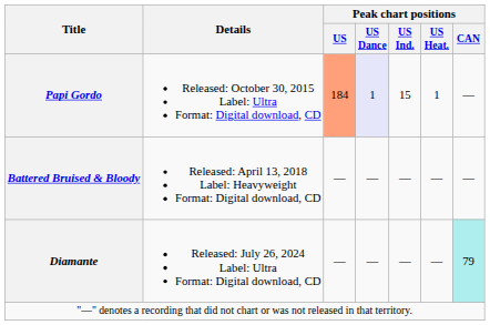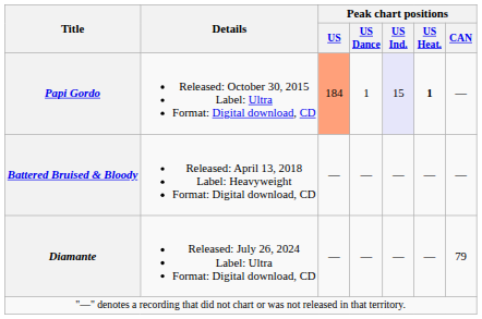 <table class="wikitable plainrowheaders" style="text-align:center;">
 <tr>
 <th scope="col" rowspan="2">Title</th>
 <th scope="col" rowspan="2">Details</th>
 <th scope="col" colspan="5">Peak chart positions</th>
 </tr>
 <tr>
 <th scope="col" style="width:2.5em;font-size:90%;"><a href='#'>US</a><br></th>
 <th scope="col" style="width:2.5em;font-size:90%;"><a href='#'>US<br>Dance</a><br></th>
 <th scope="col" style="width:2.5em;font-size:90%;"><a href='#'>US<br>Ind.</a><br></th>
 <th scope="col" style="width:2.5em;font-size:90%;"><a href='#'>US<br>Heat.</a><br></th>
 <th scope="col" style="width:2.5em;font-size:90%;"><a href='#'>CAN</a><br></th>
 </tr>
 <tr>
 <th scope="row"><em><a href='#'>Papi Gordo</a></em></th>
 <td><br><ul><li>Released: October 30, 2015</li><li>Label: <a href='#'>Ultra</a></li><li>Format: <a href='#'>Digital download</a>, <a href='#'>CD</a></li></ul></td>
 <td style="background: lightsalmon;">184</td>
-<td style="background: lavender;">1</td>
-<td>15</td>
 <td>1</td>
+<td style="background: lavender;">15</td>
+<td><strong>1</strong></td>
 <td>—</td>
 </tr>
 <tr>
 <th scope="row"><em><a href='#'>Battered Bruised & Bloody</a></em></th>
 <td><br><ul><li>Released: April 13, 2018</li><li>Label: Heavyweight</li><li>Format: Digital download, CD</li></ul></td>
 <td>—</td>
 <td>—</td>
 <td>—</td>
 <td>—</td>
 <td>—</td>
 </tr>
 <tr>
 <th scope="row"><em>Diamante</em></th>
 <td><br><ul><li>Released: July 26, 2024</li><li>Label: Ultra</li><li>Format: Digital download, CD</li></ul></td>
 <td>—</td>
 <td>—</td>
 <td>—</td>
 <td>—</td>
-<td style="background: paleturquoise;">79</td>
+<td>79</td>
 </tr>
 <tr>
 <td colspan="13" style="font-size:90%">"—" denotes a recording that did not chart or was not released in that territory.</td>
 </tr>
 </table>
